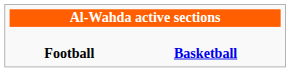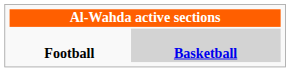 <table class="infobox" style="width: 20em; font-size: 95%em;">
 <tr style="color:white; background:#FF5F00; text-align:center;">
 <th colspan="3">Al-Wahda active sections</th>
 </tr>
 <tr style="text-align: center">
 <td><br><strong>Football</strong></td>
-<td><br><strong><a href='#'>Basketball</a></strong></td>
+<td style="background: lightgrey;"><br><strong><a href='#'>Basketball</a></strong></td>
 </tr>
 </table>
